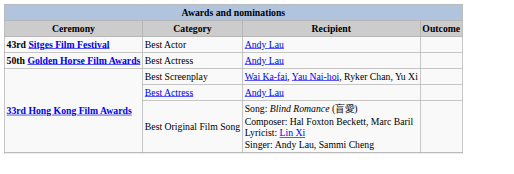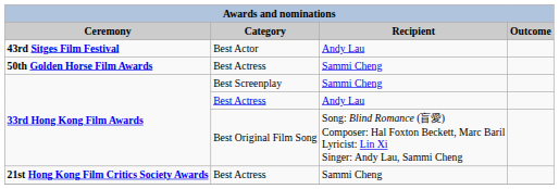 <table class="wikitable" style="font-size:95%;" ;>
 <tr style="background:#ccc; text-align:center;">
 <th colspan="4" style="background: LightSteelBlue;">Awards and nominations</th>
 </tr>
 <tr style="background:#ccc; text-align:center;">
 <th style="background:#ccc">Ceremony</th>
 <th style="background:#ccc">Category</th>
 <th style="background:#ccc">Recipient</th>
 <th style="background:#ccc">Outcome</th>
 </tr>
 <tr>
 <td><strong>43rd <a href='#'>Sitges Film Festival</a></strong></td>
 <td>Best Actor</td>
 <td><a href='#'>Andy Lau</a></td>
 <td></td>
 </tr>
 <tr>
 <td><strong>50th <a href='#'>Golden Horse Film Awards</a></strong></td>
 <td>Best Actress</td>
-<td><a href='#'>Andy Lau</a></td>
+<td><a href='#'>Sammi Cheng</a></td>
 <td></td>
 </tr>
 <tr>
 <td rowspan=3><strong><a href='#'>33rd Hong Kong Film Awards</a></strong></td>
 <td>Best Screenplay</td>
-<td><a href='#'>Wai Ka-fai</a>, <a href='#'>Yau Nai-hoi</a>, Ryker Chan, Yu Xi</td>
+<td><a href='#'>Sammi Cheng</a></td>
 <td></td>
 </tr>
 <tr>
 <td><a href='#'>Best Actress</a></td>
 <td><a href='#'>Andy Lau</a></td>
 <td></td>
 </tr>
 <tr>
 <td>Best Original Film Song</td>
 <td>Song: <em>Blind Romance</em> (盲愛)<br>Composer: Hal Foxton Beckett, Marc Baril <br>Lyricist: <a href='#'>Lin Xi</a> <br>Singer: Andy Lau, Sammi Cheng</td>
 <td></td>
 </tr>
 <tr>
+<td><strong>21st <a href='#'>Hong Kong Film Critics Society Awards</a></strong></td>
+<td>Best Actress</td>
+<td>Sammi Cheng</td>
+<td></td>
+</tr>
+<tr>
 </tr>
 </table>
